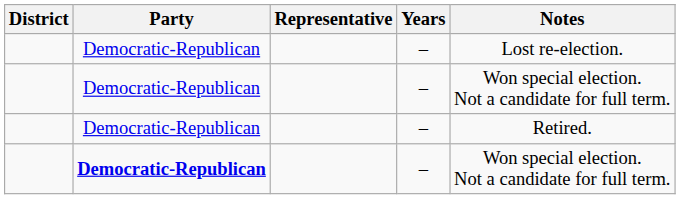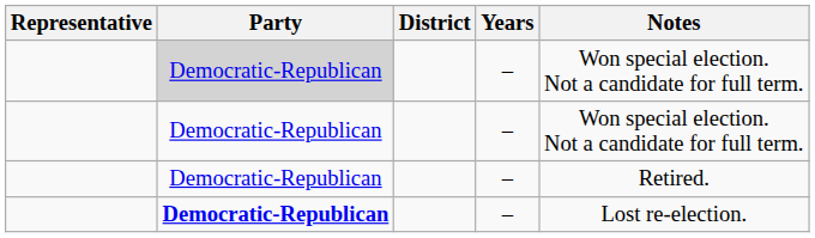 <table class="wikitable sortable" style="text-align:center">
 <tr valign=bottom>
+<th>Representative</th>
+<th>Party</th>
 <th>District</th>
-<th>Party</th>
-<th>Representative</th>
 <th>Years</th>
 <th>Notes</th>
 </tr>
 <tr>
+<td align=left></td>
+<td style="background: lightgrey;"><a href='#'>Democratic-Republican</a></td>
 <td></td>
-<td><a href='#'>Democratic-Republican</a></td>
-<td align=left></td>
-<td nowrap> –<br></td>
-<td>Lost re-election.</td>
-</tr>
-<tr>
-<td></td>
-<td><a href='#'>Democratic-Republican</a></td>
-<td align=left></td>
 <td nowrap> –<br></td>
 <td>Won special election.<br>Not a candidate for full term.</td>
 </tr>
 <tr>
+<td align=left></td>
+<td><a href='#'>Democratic-Republican</a></td>
 <td></td>
+<td nowrap> –<br></td>
+<td>Won special election.<br>Not a candidate for full term.</td>
+</tr>
+<tr>
+<td align=left></td>
 <td><a href='#'>Democratic-Republican</a></td>
-<td align=left></td>
+<td></td>
 <td nowrap> –<br></td>
 <td>Retired.</td>
 </tr>
 <tr>
+<td align=left></td>
+<td><strong><a href='#'>Democratic-Republican</a></strong></td>
 <td></td>
-<td><strong><a href='#'>Democratic-Republican</a></strong></td>
-<td align=left></td>
 <td nowrap> –<br></td>
-<td>Won special election.<br>Not a candidate for full term.</td>
+<td>Lost re-election.</td>
 </tr>
 </table>
